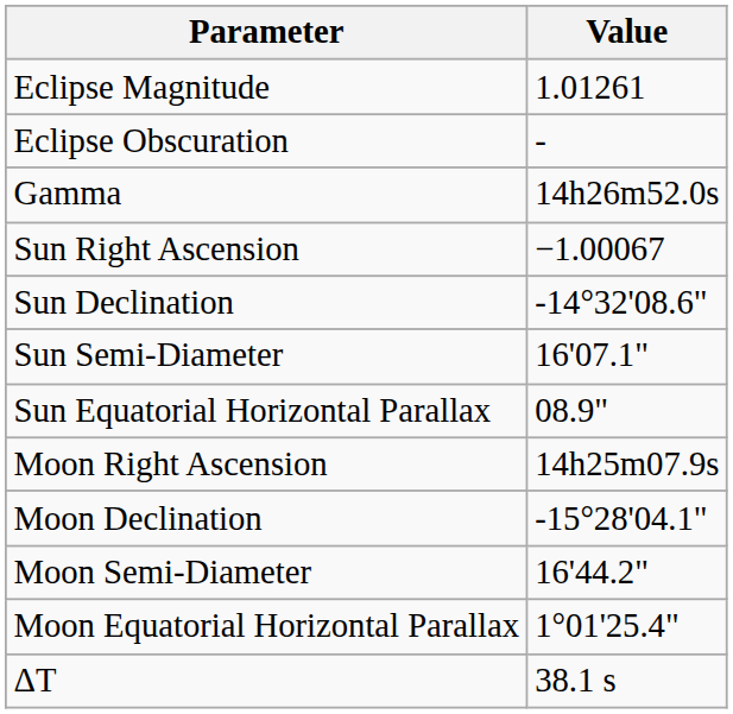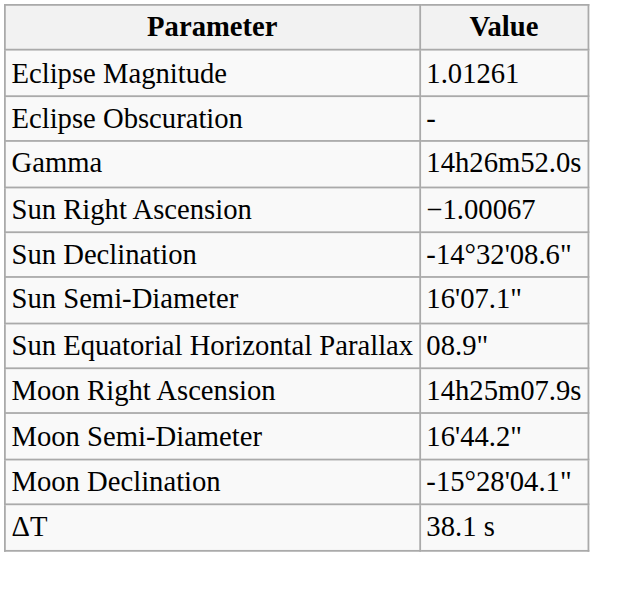 <table class="wikitable">
 <tr>
 <th>Parameter</th>
 <th>Value</th>
 </tr>
 <tr>
 <td>Eclipse Magnitude</td>
 <td>1.01261</td>
 </tr>
 <tr>
 <td>Eclipse Obscuration</td>
 <td>-</td>
 </tr>
 <tr>
 <td>Gamma</td>
 <td>14h26m52.0s</td>
 </tr>
 <tr>
 <td>Sun Right Ascension</td>
 <td>−1.00067</td>
 </tr>
 <tr>
 <td>Sun Declination</td>
 <td>-14°32'08.6"</td>
 </tr>
 <tr>
 <td>Sun Semi-Diameter</td>
 <td>16'07.1"</td>
 </tr>
 <tr>
 <td>Sun Equatorial Horizontal Parallax</td>
 <td>08.9"</td>
 </tr>
 <tr>
 <td>Moon Right Ascension</td>
 <td>14h25m07.9s</td>
 </tr>
 <tr>
-<td>Moon Declination</td>
-<td>-15°28'04.1"</td>
-</tr>
-<tr>
 <td>Moon Semi-Diameter</td>
 <td>16'44.2"</td>
 </tr>
 <tr>
-<td>Moon Equatorial Horizontal Parallax</td>
-<td>1°01'25.4"</td>
+<td>Moon Declination</td>
+<td>-15°28'04.1"</td>
 </tr>
 <tr>
 <td>ΔT</td>
 <td>38.1 s</td>
 </tr>
 </table>
